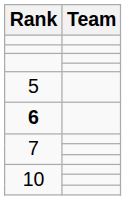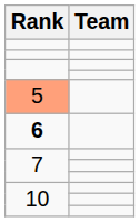 <table class="wikitable" style="text-align: center;">
 <tr>
 <th width=40>Rank</th>
 <th>Team</th>
 </tr>
 <tr>
 <td></td>
 <td align=left></td>
 </tr>
 <tr>
 <td></td>
 <td align=left></td>
 </tr>
 <tr>
 <td rowspan=2></td>
 <td align=left></td>
 </tr>
 <tr>
 <td align=left></td>
 </tr>
 <tr>
-<td>5</td>
+<td style="background: lightsalmon;">5</td>
 <td align=left></td>
 </tr>
 <tr>
 <td><strong>6</strong></td>
 <td align=left></td>
 </tr>
 <tr>
 <td rowspan=3>7</td>
 <td align=left></td>
 </tr>
 <tr>
 <td align=left></td>
 </tr>
 <tr>
 <td align=left></td>
 </tr>
 <tr>
 <td rowspan=3>10</td>
 <td align=left></td>
 </tr>
 <tr>
 <td align=left></td>
 </tr>
 <tr>
 <td align=left></td>
 </tr>
 </table>
